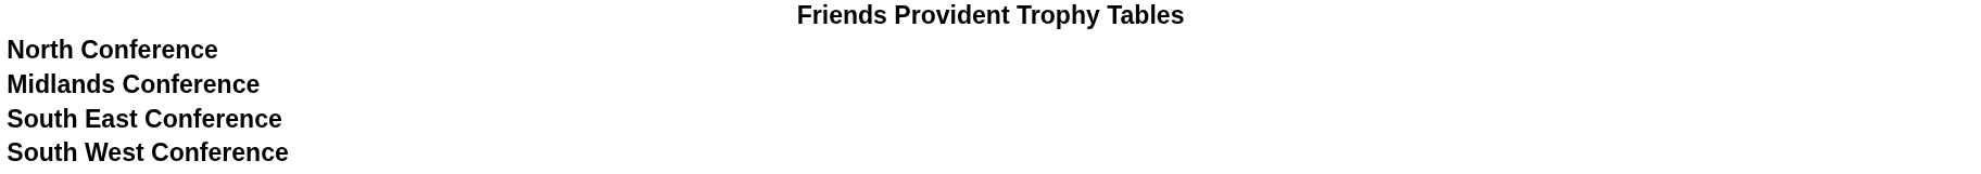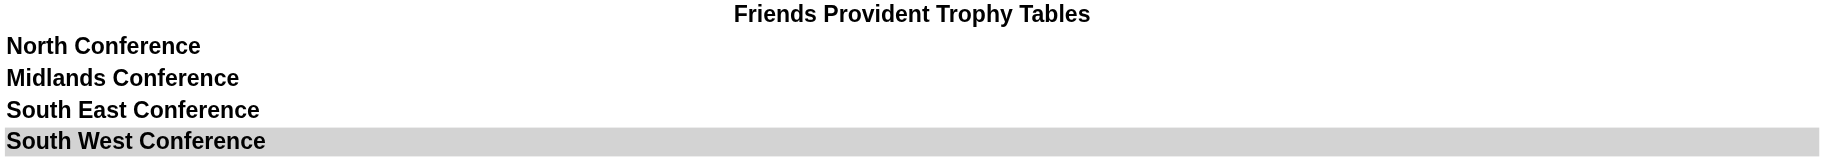 <table class="toccolours collapsible collapsed" width=100%>
 <tr>
 <th colspan="1"><strong>Friends Provident Trophy Tables</strong></th>
 </tr>
 <tr>
 <td colspan="1"><strong>North Conference</strong><br>      </td>
 </tr>
 <tr>
 <td colspan="1"><strong>Midlands Conference</strong><br>      </td>
 </tr>
 <tr>
 <td colspan="1"><strong>South East Conference</strong><br>      </td>
 </tr>
 <tr>
-<td colspan="1"><strong>South West Conference</strong><br>      </td>
+<td colspan="1" style="background: lightgrey;"><strong>South West Conference</strong><br>      </td>
 </tr>
 </table>
